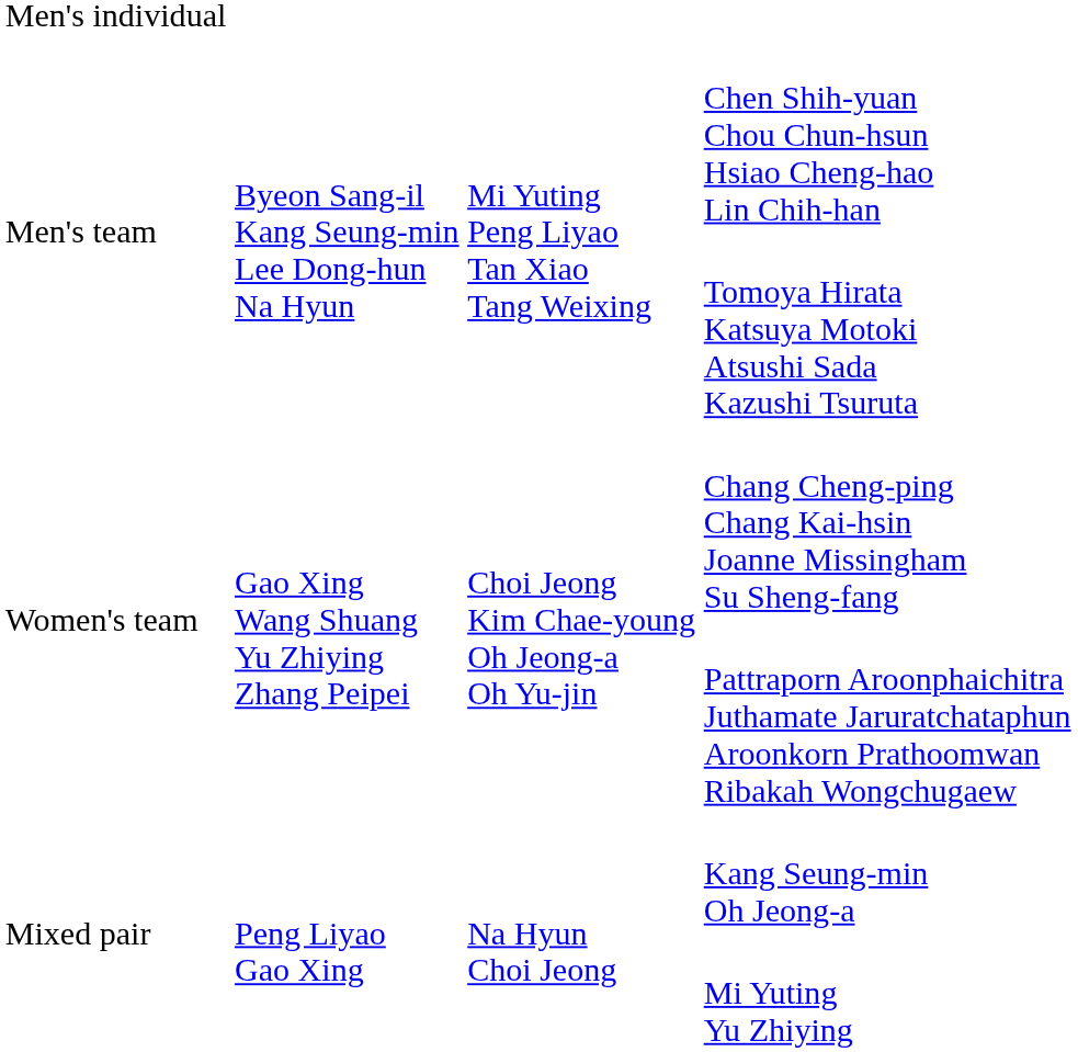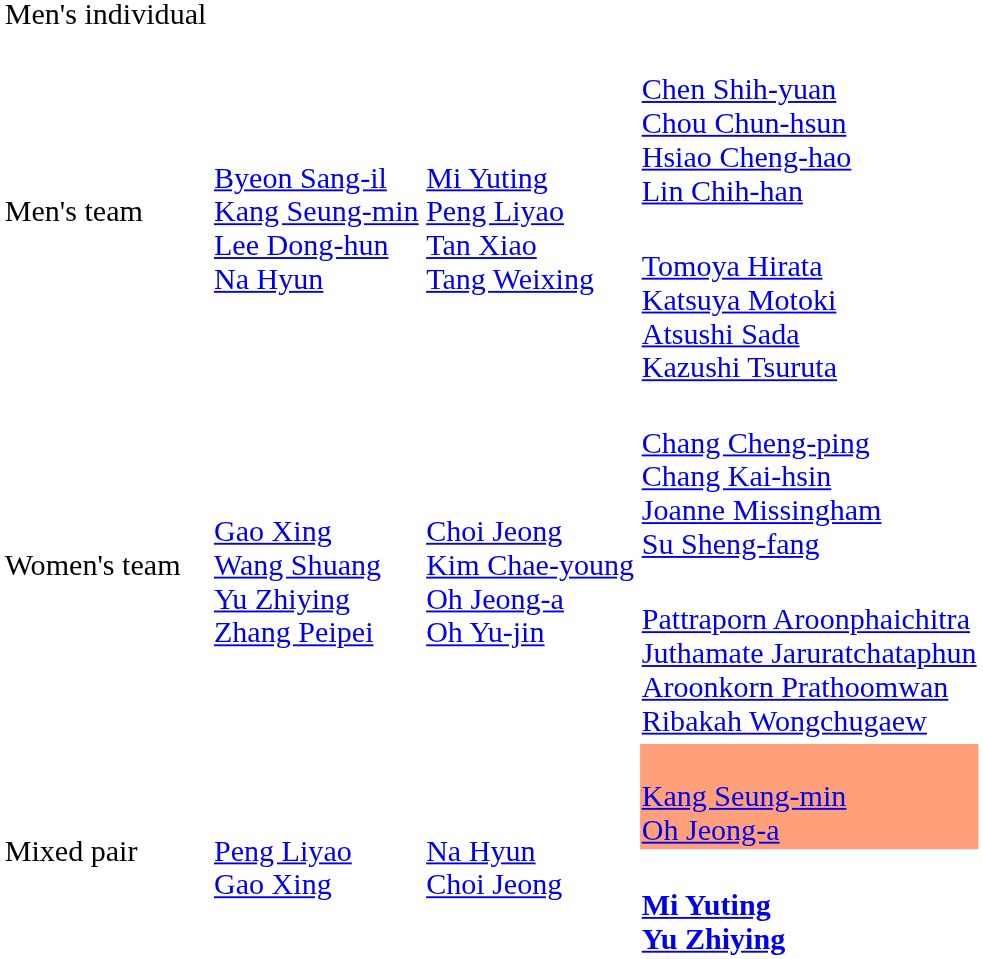 <table>
 <tr>
 <td rowspan=2>Men's individual</td>
 <td rowspan=2></td>
 <td rowspan=2></td>
 <td></td>
 </tr>
 <tr>
 <td></td>
 </tr>
 <tr>
 <td rowspan=2>Men's team</td>
 <td rowspan=2><br><a href='#'>Byeon Sang-il</a><br><a href='#'>Kang Seung-min</a><br><a href='#'>Lee Dong-hun</a><br><a href='#'>Na Hyun</a></td>
 <td rowspan=2><br><a href='#'>Mi Yuting</a><br><a href='#'>Peng Liyao</a><br><a href='#'>Tan Xiao</a><br><a href='#'>Tang Weixing</a></td>
 <td><br><a href='#'>Chen Shih-yuan</a><br><a href='#'>Chou Chun-hsun</a><br><a href='#'>Hsiao Cheng-hao</a><br><a href='#'>Lin Chih-han</a></td>
 </tr>
 <tr>
 <td><br><a href='#'>Tomoya Hirata</a><br><a href='#'>Katsuya Motoki</a><br><a href='#'>Atsushi Sada</a><br><a href='#'>Kazushi Tsuruta</a></td>
 </tr>
 <tr>
 <td rowspan=2>Women's team</td>
 <td rowspan=2><br><a href='#'>Gao Xing</a><br><a href='#'>Wang Shuang</a><br><a href='#'>Yu Zhiying</a><br><a href='#'>Zhang Peipei</a></td>
 <td rowspan=2><br><a href='#'>Choi Jeong</a><br><a href='#'>Kim Chae-young</a><br><a href='#'>Oh Jeong-a</a><br><a href='#'>Oh Yu-jin</a></td>
 <td><br><a href='#'>Chang Cheng-ping</a><br><a href='#'>Chang Kai-hsin</a><br><a href='#'>Joanne Missingham</a><br><a href='#'>Su Sheng-fang</a></td>
 </tr>
 <tr>
 <td><br><a href='#'>Pattraporn Aroonphaichitra</a><br><a href='#'>Juthamate Jaruratchataphun</a><br><a href='#'>Aroonkorn Prathoomwan</a><br><a href='#'>Ribakah Wongchugaew</a></td>
 </tr>
 <tr>
 <td rowspan=2>Mixed pair</td>
 <td rowspan=2><br><a href='#'>Peng Liyao</a><br><a href='#'>Gao Xing</a></td>
 <td rowspan=2><br><a href='#'>Na Hyun</a><br><a href='#'>Choi Jeong</a></td>
-<td><br><a href='#'>Kang Seung-min</a><br><a href='#'>Oh Jeong-a</a></td>
+<td style="background: lightsalmon;"><br><a href='#'>Kang Seung-min</a><br><a href='#'>Oh Jeong-a</a></td>
 </tr>
 <tr>
-<td><br><a href='#'>Mi Yuting</a><br><a href='#'>Yu Zhiying</a></td>
+<td><strong><br><a href='#'>Mi Yuting</a><br><a href='#'>Yu Zhiying</a></strong></td>
 </tr>
 </table>
